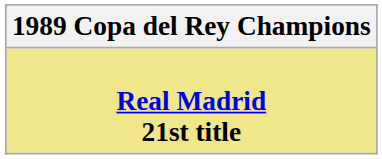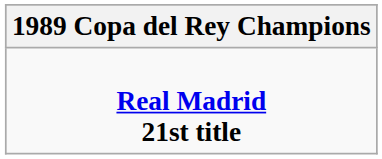 <table class=wikitable style="text-align:center; margin:auto">
 <tr>
 <th>1989 Copa del Rey Champions</th>
 </tr>
 <tr>
-<td style="background: khaki;"><br> <strong><a href='#'>Real Madrid</a></strong> <br> <strong>21st title</strong></td>
+<td><br> <strong><a href='#'>Real Madrid</a></strong> <br> <strong>21st title</strong></td>
 </tr>
 </table>
